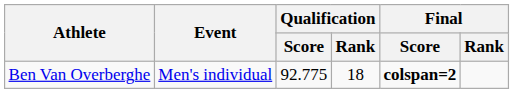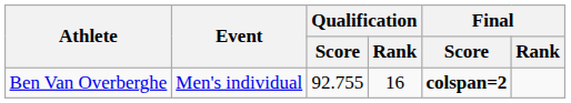 <table class="wikitable" style="font-size:90%">
 <tr>
 <th rowspan=2>Athlete</th>
 <th rowspan=2>Event</th>
 <th colspan=2>Qualification</th>
 <th colspan=2>Final</th>
 </tr>
 <tr style="font-size:">
 <th>Score</th>
 <th>Rank</th>
 <th>Score</th>
 <th>Rank</th>
 </tr>
 <tr align=center>
 <td align=left><a href='#'>Ben Van Overberghe</a></td>
 <td align=left><a href='#'>Men's individual</a></td>
-<td>92.775</td>
-<td>18</td>
+<td>92.755</td>
+<td>16</td>
 <td><strong>colspan=2 </strong></td>
 </tr>
 </table>
